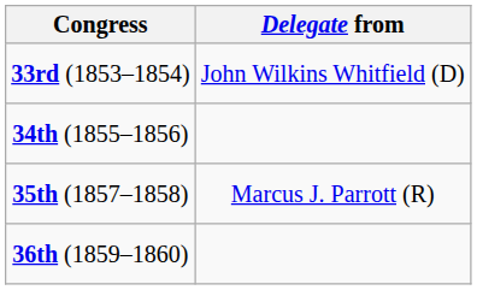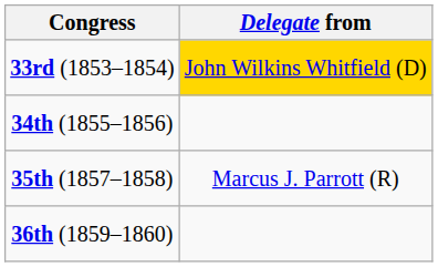 <table class=wikitable style="text-align:center">
 <tr>
 <th>Congress</th>
 <th><em><a href='#'>Delegate</a></em> from<br></th>
 </tr>
 <tr style="height:2.5em">
 <td><strong><a href='#'>33rd</a></strong> (1853–1854)</td>
-<td><a href='#'>John Wilkins Whitfield</a> (D)</td>
+<td style="background: gold;"><a href='#'>John Wilkins Whitfield</a> (D)</td>
 </tr>
 <tr style="height:2.5em">
 <td><strong><a href='#'>34th</a></strong> (1855–1856)</td>
 </tr>
 <tr style="height:2.5em">
 <td><strong><a href='#'>35th</a></strong> (1857–1858)</td>
 <td><a href='#'>Marcus J. Parrott</a> (R)</td>
 </tr>
 <tr style="height:2.5em">
 <td><strong><a href='#'>36th</a></strong> (1859–1860)</td>
 </tr>
 </table>
